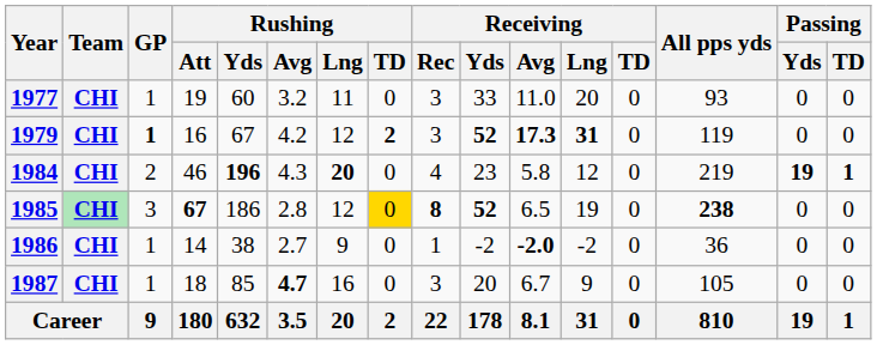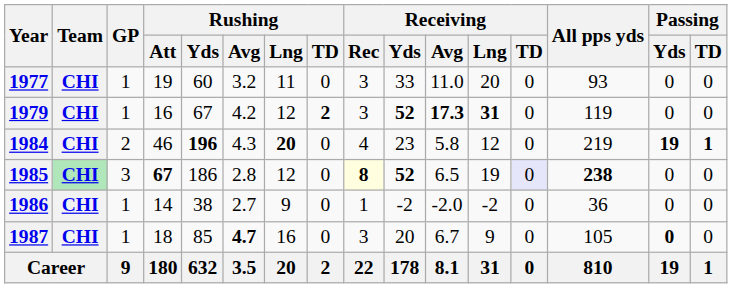 <table class=wikitable style="text-align:center;">
 <tr>
 <th rowspan="2">Year</th>
 <th rowspan="2">Team</th>
 <th rowspan="2">GP</th>
 <th colspan="5">Rushing</th>
 <th colspan="5">Receiving</th>
 <th rowspan="2">All pps yds</th>
 <th colspan="2">Passing</th>
 </tr>
 <tr>
 <th>Att</th>
 <th>Yds</th>
 <th>Avg</th>
 <th>Lng</th>
 <th>TD</th>
 <th>Rec</th>
 <th>Yds</th>
 <th>Avg</th>
 <th>Lng</th>
 <th>TD</th>
 <th>Yds</th>
 <th>TD</th>
 </tr>
 <tr>
 <th><a href='#'>1977</a></th>
 <th><a href='#'>CHI</a></th>
 <td>1</td>
 <td>19</td>
 <td>60</td>
 <td>3.2</td>
 <td>11</td>
 <td>0</td>
 <td>3</td>
 <td>33</td>
 <td>11.0</td>
 <td>20</td>
 <td>0</td>
 <td>93</td>
 <td>0</td>
 <td>0</td>
 </tr>
 <tr>
 <th><a href='#'>1979</a></th>
 <th><a href='#'>CHI</a></th>
-<td><strong>1</strong></td>
+<td>1</td>
 <td>16</td>
 <td>67</td>
 <td>4.2</td>
 <td>12</td>
 <td><strong>2</strong></td>
 <td>3</td>
 <td><strong>52</strong></td>
 <td><strong>17.3</strong></td>
 <td><strong>31</strong></td>
 <td>0</td>
 <td>119</td>
 <td>0</td>
 <td>0</td>
 </tr>
 <tr>
 <th><a href='#'>1984</a></th>
 <th><a href='#'>CHI</a></th>
 <td>2</td>
 <td>46</td>
 <td><strong>196</strong></td>
 <td>4.3</td>
 <td><strong>20</strong></td>
 <td>0</td>
 <td>4</td>
 <td>23</td>
 <td>5.8</td>
 <td>12</td>
 <td>0</td>
 <td>219</td>
 <td><strong>19</strong></td>
 <td><strong>1</strong></td>
 </tr>
 <tr>
 <th><a href='#'>1985</a></th>
 <th style="background:#afe6ba;"><a href='#'>CHI</a></th>
 <td>3</td>
 <td><strong>67</strong></td>
 <td>186</td>
 <td>2.8</td>
 <td>12</td>
-<td style="background: gold;">0</td>
-<td><strong>8</strong></td>
+<td>0</td>
+<td style="background: lightyellow;"><strong>8</strong></td>
 <td><strong>52</strong></td>
 <td>6.5</td>
 <td>19</td>
-<td>0</td>
+<td style="background: lavender;">0</td>
 <td><strong>238</strong></td>
 <td>0</td>
 <td>0</td>
 </tr>
 <tr>
 <th><a href='#'>1986</a></th>
 <th><a href='#'>CHI</a></th>
 <td>1</td>
 <td>14</td>
 <td>38</td>
 <td>2.7</td>
 <td>9</td>
 <td>0</td>
 <td>1</td>
 <td>-2</td>
-<td><strong>-2.0</strong></td>
+<td>-2.0</td>
 <td>-2</td>
 <td>0</td>
 <td>36</td>
 <td>0</td>
 <td>0</td>
 </tr>
 <tr>
 <th><a href='#'>1987</a></th>
 <th><a href='#'>CHI</a></th>
 <td>1</td>
 <td>18</td>
 <td>85</td>
 <td><strong>4.7</strong></td>
 <td>16</td>
 <td>0</td>
 <td>3</td>
 <td>20</td>
 <td>6.7</td>
 <td>9</td>
 <td>0</td>
 <td>105</td>
-<td>0</td>
+<td><strong>0</strong></td>
 <td>0</td>
 </tr>
 <tr>
 <th colspan="2">Career</th>
 <th>9</th>
 <th>180</th>
 <th>632</th>
 <th>3.5</th>
 <th>20</th>
 <th>2</th>
 <th>22</th>
 <th>178</th>
 <th>8.1</th>
 <th>31</th>
 <th>0</th>
 <th>810</th>
 <th>19</th>
 <th>1</th>
 </tr>
 </table>
